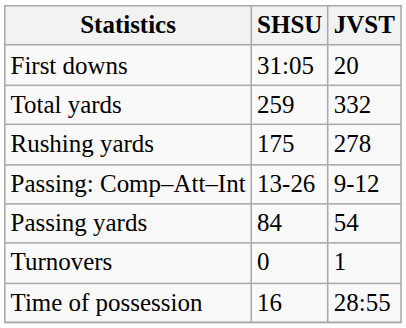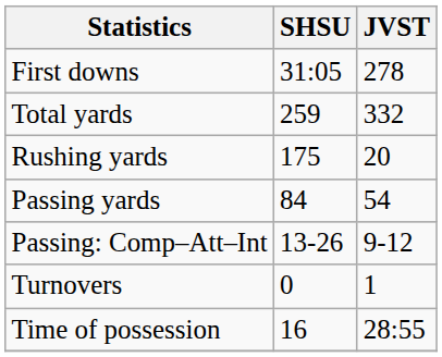 <table class="wikitable" style="float: left;">
 <tr>
 <th>Statistics</th>
 <th>SHSU</th>
 <th>JVST</th>
 </tr>
 <tr>
 <td>First downs</td>
 <td>31:05</td>
-<td>20</td>
+<td>278</td>
 </tr>
 <tr>
 <td>Total yards</td>
 <td>259</td>
 <td>332</td>
 </tr>
 <tr>
 <td>Rushing yards</td>
 <td>175</td>
-<td>278</td>
+<td>20</td>
+</tr>
+<tr>
+<td>Passing yards</td>
+<td>84</td>
+<td>54</td>
 </tr>
 <tr>
 <td>Passing: Comp–Att–Int</td>
 <td>13-26</td>
 <td>9-12</td>
-</tr>
-<tr>
-<td>Passing yards</td>
-<td>84</td>
-<td>54</td>
 </tr>
 <tr>
 <td>Turnovers</td>
 <td>0</td>
 <td>1</td>
 </tr>
 <tr>
 <td>Time of possession</td>
 <td>16</td>
 <td>28:55</td>
 </tr>
 <tr>
 </tr>
 </table>
